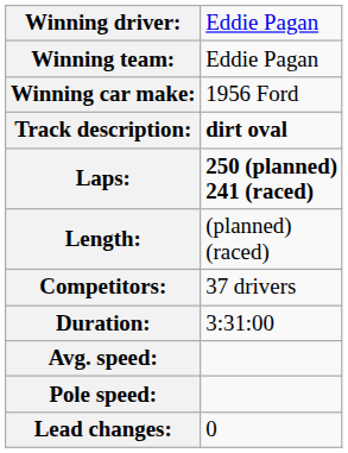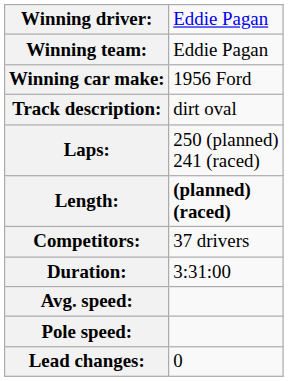 <table class="wikitable" style=text-align:left>
 <tr>
 <th>Winning driver:</th>
 <td><a href='#'>Eddie Pagan</a></td>
 </tr>
 <tr>
 <th>Winning team:</th>
 <td>Eddie Pagan</td>
 </tr>
 <tr>
 <th>Winning car make:</th>
 <td>1956 Ford</td>
 </tr>
 <tr>
 <th>Track description:</th>
-<td><strong> dirt oval</strong></td>
+<td> dirt oval</td>
 </tr>
 <tr>
 <th>Laps:</th>
-<td><strong>250 (planned)<br>241 (raced)</strong></td>
+<td>250 (planned)<br>241 (raced)</td>
 </tr>
 <tr>
 <th>Length:</th>
-<td> (planned)<br> (raced)</td>
+<td><strong> (planned)<br> (raced)</strong></td>
 </tr>
 <tr>
 <th>Competitors:</th>
 <td>37 drivers</td>
 </tr>
 <tr>
 <th>Duration:</th>
 <td>3:31:00</td>
 </tr>
 <tr>
 <th>Avg. speed:</th>
 <td></td>
 </tr>
 <tr>
 <th>Pole speed:</th>
 <td></td>
 </tr>
 <tr>
 <th>Lead changes:</th>
 <td>0</td>
 </tr>
 </table>
